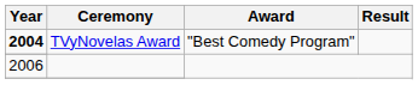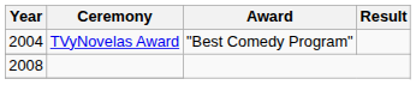 <table class="wikitable">
 <tr>
 <th>Year</th>
 <th>Ceremony</th>
 <th>Award</th>
 <th>Result</th>
 </tr>
 <tr>
-<td><strong>2004</strong></td>
+<td>2004</td>
 <td rowspan="2"><a href='#'>TVyNovelas Award</a></td>
 <td rowspan="2">"Best Comedy Program"</td>
 <td></td>
 </tr>
 <tr>
 </tr>
 <tr>
-<td>2006</td>
+<td>2008</td>
 <td></td>
 </tr>
 <tr>
 </tr>
 </table>
